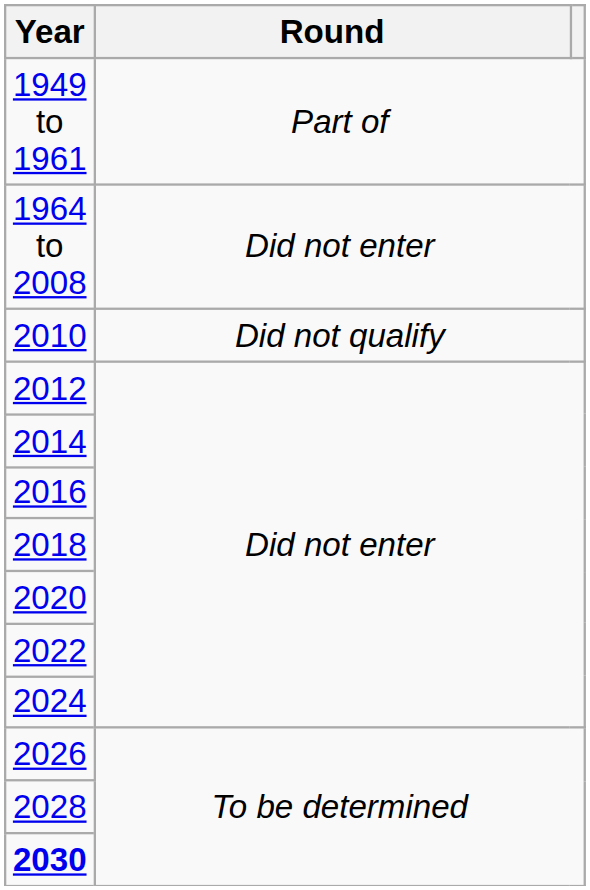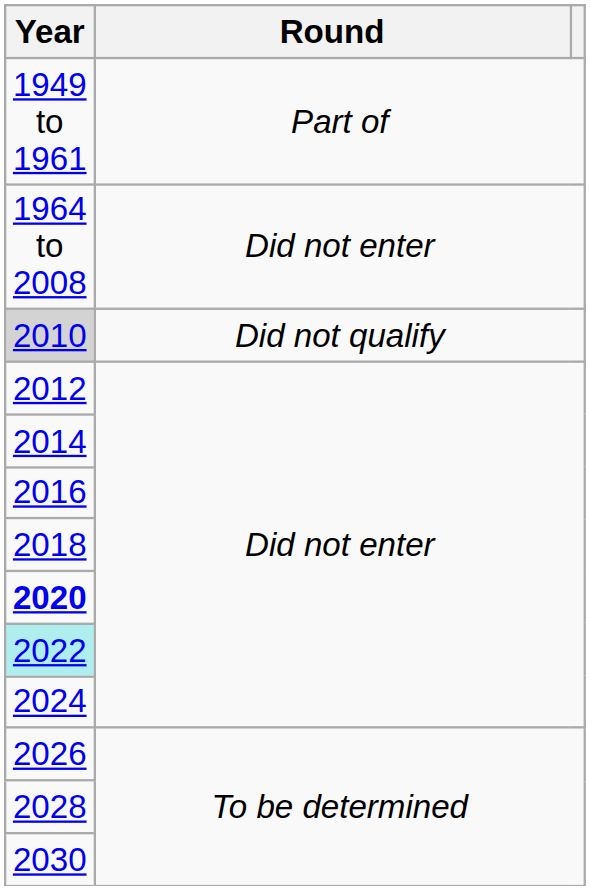 <table class="wikitable" style="text-align: center; font-size:90%">
 <tr>
 <th>Year</th>
 <th style="width:200px">Round</th>
 <th></th>
 </tr>
 <tr>
 <td><a href='#'>1949</a><br>to<br><a href='#'>1961</a></td>
 <td colspan="2"><em>Part of </em></td>
 </tr>
 <tr>
 <td><a href='#'>1964</a><br>to<br><a href='#'>2008</a></td>
 <td colspan="2"><em>Did not enter</em></td>
 </tr>
 <tr>
-<td><a href='#'>2010</a></td>
+<td style="background: lightgrey;"><a href='#'>2010</a></td>
 <td colspan="2"><em>Did not qualify</em></td>
 </tr>
 <tr>
 <td><a href='#'>2012</a></td>
 <td colspan="2" rowspan="7"><em>Did not enter</em></td>
 </tr>
 <tr>
 <td><a href='#'>2014</a></td>
 </tr>
 <tr>
 <td><a href='#'>2016</a></td>
 </tr>
 <tr>
 <td><a href='#'>2018</a></td>
 </tr>
 <tr>
-<td><a href='#'>2020</a></td>
+<td><strong><a href='#'>2020</a></strong></td>
 </tr>
 <tr>
-<td><a href='#'>2022</a></td>
+<td style="background: paleturquoise;"><a href='#'>2022</a></td>
 </tr>
 <tr>
 <td><a href='#'>2024</a></td>
 </tr>
 <tr>
 <td><a href='#'>2026</a></td>
 <td colspan="2" rowspan="3"><em>To be determined</em></td>
 </tr>
 <tr>
 <td><a href='#'>2028</a></td>
 </tr>
 <tr>
-<td><strong><a href='#'>2030</a></strong></td>
+<td><a href='#'>2030</a></td>
 </tr>
 </table>
